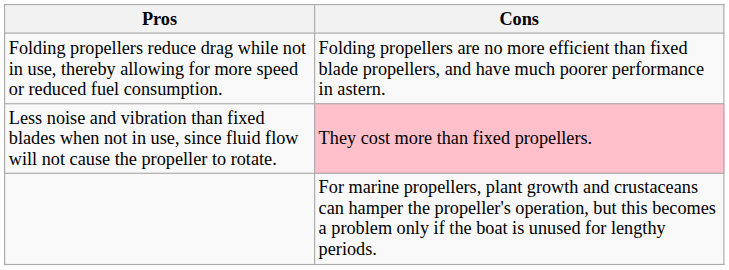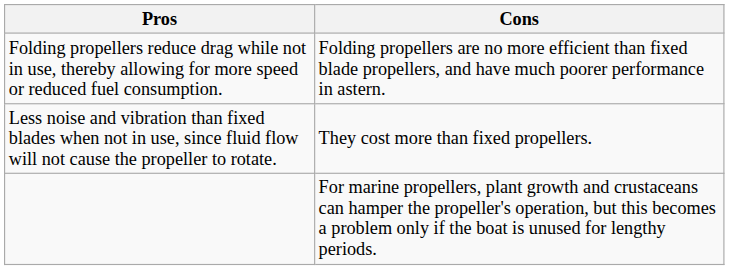 <table class="wikitable" border="1" width="50%">
 <tr>
 <th>Pros</th>
 <th>Cons</th>
 </tr>
 <tr>
 <td>Folding propellers reduce drag while not in use, thereby allowing for more speed or reduced fuel consumption.</td>
 <td>Folding propellers are no more efficient than fixed blade propellers, and have much poorer performance in astern.</td>
 </tr>
 <tr>
 <td>Less noise and vibration than fixed blades when not in use, since fluid flow will not cause the propeller to rotate.</td>
-<td style="background: pink;">They cost more than fixed propellers.</td>
+<td>They cost more than fixed propellers.</td>
 </tr>
 <tr>
 <td></td>
 <td>For marine propellers, plant growth and crustaceans can hamper the propeller's operation, but this becomes a problem only if the boat is unused for lengthy periods.</td>
 </tr>
 </table>
